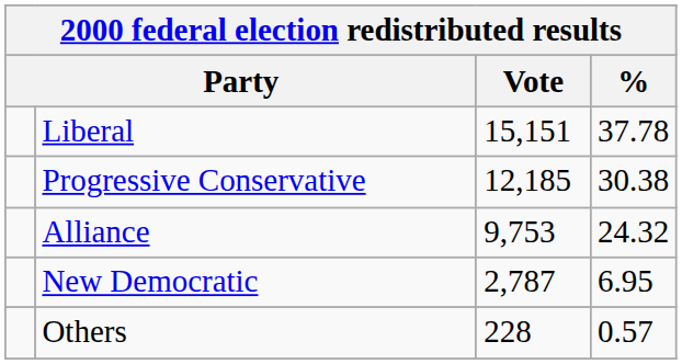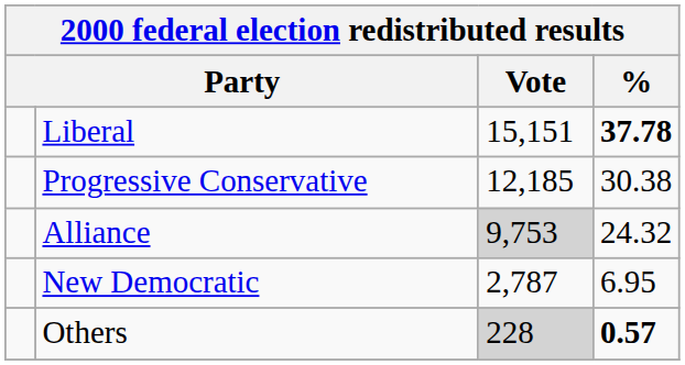 <table class="wikitable">
 <tr>
 <th colspan="4"><a href='#'>2000 federal election</a> redistributed results</th>
 </tr>
 <tr>
 <th bgcolor="#DDDDFF" width="230px" colspan="2">Party</th>
 <th bgcolor="#DDDDFF" width="50px">Vote</th>
 <th bgcolor="#DDDDFF" width="30px">%</th>
 </tr>
 <tr>
 <td> </td>
 <td><a href='#'>Liberal</a></td>
 <td>15,151</td>
-<td>37.78</td>
+<td><strong>37.78</strong></td>
 </tr>
 <tr>
 <td> </td>
 <td><a href='#'>Progressive Conservative</a></td>
 <td>12,185</td>
 <td>30.38</td>
 </tr>
 <tr>
 <td> </td>
 <td><a href='#'>Alliance</a></td>
-<td>9,753</td>
+<td style="background: lightgrey;">9,753</td>
 <td>24.32</td>
 </tr>
 <tr>
 <td> </td>
 <td><a href='#'>New Democratic</a></td>
 <td>2,787</td>
 <td>6.95</td>
 </tr>
 <tr>
 <td> </td>
 <td>Others</td>
-<td>228</td>
-<td>0.57</td>
+<td style="background: lightgrey;">228</td>
+<td><strong>0.57</strong></td>
 </tr>
 </table>
